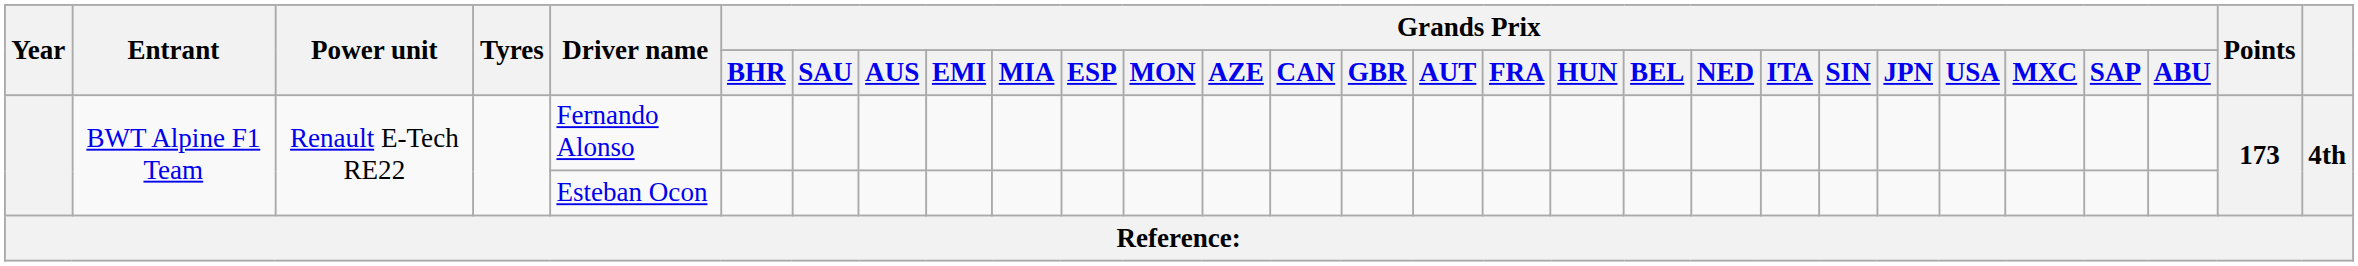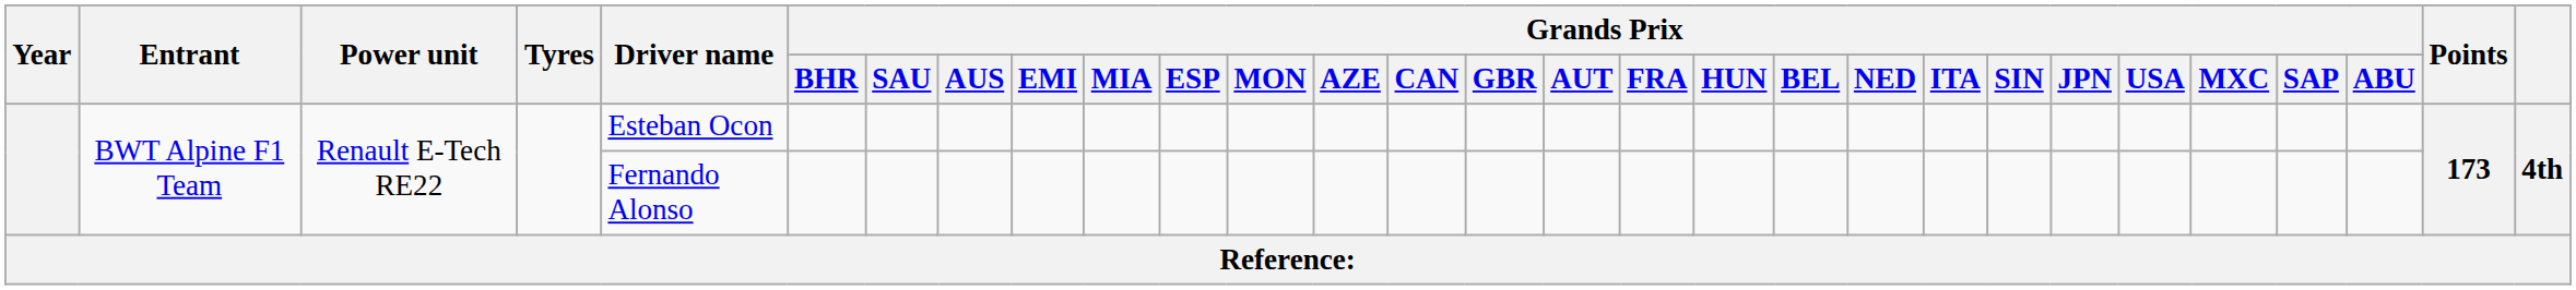 <table class="wikitable" style="text-align:center; font-size:90%">
 <tr>
 <th rowspan="2">Year</th>
 <th rowspan="2">Entrant</th>
 <th rowspan="2">Power unit</th>
 <th rowspan="2">Tyres</th>
 <th rowspan="2">Driver name</th>
 <th colspan="22">Grands Prix</th>
 <th rowspan="2">Points</th>
 <th rowspan="2"></th>
 </tr>
 <tr>
 <th><a href='#'>BHR</a></th>
 <th><a href='#'>SAU</a></th>
 <th><a href='#'>AUS</a></th>
 <th><a href='#'>EMI</a></th>
 <th><a href='#'>MIA</a></th>
 <th><a href='#'>ESP</a></th>
 <th><a href='#'>MON</a></th>
 <th><a href='#'>AZE</a></th>
 <th><a href='#'>CAN</a></th>
 <th><a href='#'>GBR</a></th>
 <th><a href='#'>AUT</a></th>
 <th><a href='#'>FRA</a></th>
 <th><a href='#'>HUN</a></th>
 <th><a href='#'>BEL</a></th>
 <th><a href='#'>NED</a></th>
 <th><a href='#'>ITA</a></th>
 <th><a href='#'>SIN</a></th>
 <th><a href='#'>JPN</a></th>
 <th><a href='#'>USA</a></th>
 <th><a href='#'>MXC</a></th>
 <th><a href='#'>SAP</a></th>
 <th><a href='#'>ABU</a></th>
 </tr>
 <tr>
 <th rowspan="2"></th>
 <td rowspan="2"><a href='#'>BWT Alpine F1 Team</a></td>
 <td rowspan="2"><a href='#'>Renault</a> E-Tech RE22</td>
 <td rowspan="2"></td>
-<td align=left> <a href='#'>Fernando Alonso</a></td>
+<td align=left> <a href='#'>Esteban Ocon</a></td>
 <td></td>
 <td></td>
 <td></td>
 <td></td>
 <td></td>
 <td></td>
 <td></td>
 <td></td>
 <td></td>
 <td></td>
 <td></td>
 <td></td>
 <td></td>
 <td></td>
 <td></td>
 <td></td>
 <td></td>
 <td></td>
 <td></td>
 <td></td>
 <td></td>
 <td></td>
 <th rowspan="2">173</th>
 <th rowspan="2">4th</th>
 </tr>
 <tr>
-<td align=left> <a href='#'>Esteban Ocon</a></td>
+<td align=left> <a href='#'>Fernando Alonso</a></td>
 <td></td>
 <td></td>
 <td></td>
 <td></td>
 <td></td>
 <td></td>
 <td></td>
 <td></td>
 <td></td>
 <td></td>
 <td></td>
 <td></td>
 <td></td>
 <td></td>
 <td></td>
 <td></td>
 <td></td>
 <td></td>
 <td></td>
 <td></td>
 <td></td>
 <td></td>
 </tr>
 <tr>
 <th colspan="29">Reference:</th>
 </tr>
 </table>
